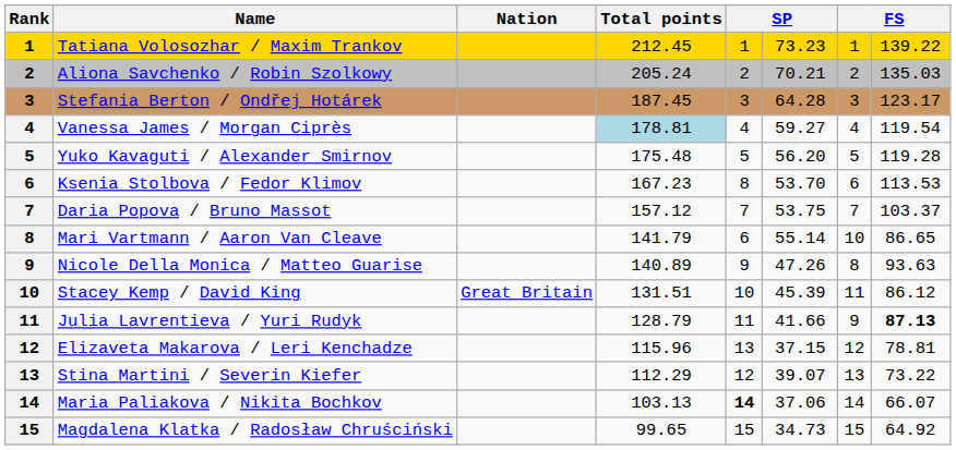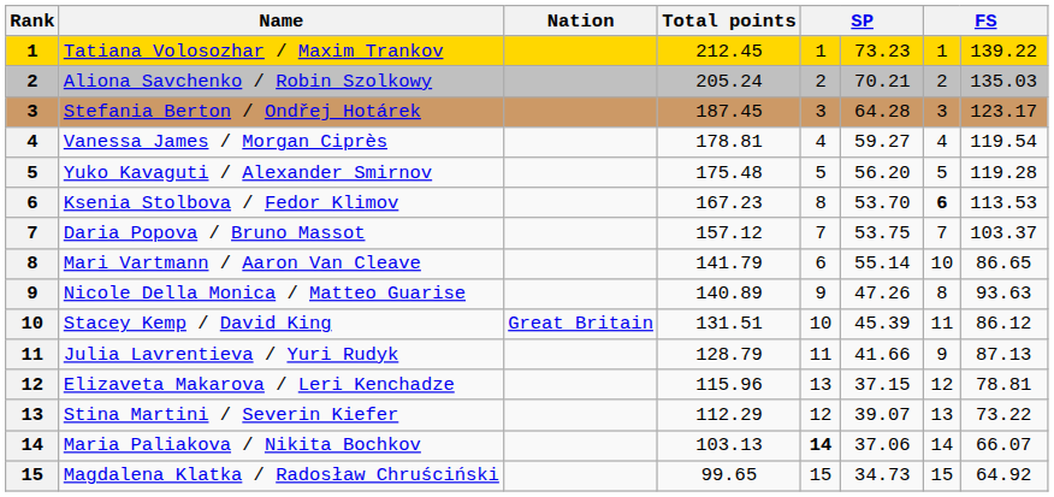 <table class="wikitable sortable">
 <tr>
 <th>Rank</th>
 <th>Name</th>
 <th>Nation</th>
 <th>Total points</th>
 <th colspan="2" width="80px"><a href='#'>SP</a></th>
 <th colspan="2" width="80px"><a href='#'>FS</a></th>
 </tr>
 <tr bgcolor="gold">
 <td align="center"><strong>1</strong></td>
 <td><a href='#'>Tatiana Volosozhar</a> / <a href='#'>Maxim Trankov</a></td>
 <td></td>
 <td align="center">212.45</td>
 <td align="center">1</td>
 <td align="center">73.23</td>
 <td align="center">1</td>
 <td align="center">139.22</td>
 </tr>
 <tr bgcolor="silver">
 <td align="center"><strong>2</strong></td>
 <td><a href='#'>Aliona Savchenko</a> / <a href='#'>Robin Szolkowy</a></td>
 <td></td>
 <td align="center">205.24</td>
 <td align="center">2</td>
 <td align="center">70.21</td>
 <td align="center">2</td>
 <td align="center">135.03</td>
 </tr>
 <tr bgcolor="cc9966">
 <td align="center"><strong>3</strong></td>
 <td><a href='#'>Stefania Berton</a> / <a href='#'>Ondřej Hotárek</a></td>
 <td></td>
 <td align="center">187.45</td>
 <td align="center">3</td>
 <td align="center">64.28</td>
 <td align="center">3</td>
 <td align="center">123.17</td>
 </tr>
 <tr>
 <th>4</th>
 <td><a href='#'>Vanessa James</a> / <a href='#'>Morgan Ciprès</a></td>
 <td></td>
-<td align="center" style="background: lightblue;">178.81</td>
+<td align="center">178.81</td>
 <td align="center">4</td>
 <td align="center">59.27</td>
 <td align="center">4</td>
 <td align="center">119.54</td>
 </tr>
 <tr>
 <th>5</th>
 <td><a href='#'>Yuko Kavaguti</a> / <a href='#'>Alexander Smirnov</a></td>
 <td></td>
 <td align="center">175.48</td>
 <td align="center">5</td>
 <td align="center">56.20</td>
 <td align="center">5</td>
 <td align="center">119.28</td>
 </tr>
 <tr>
 <th>6</th>
 <td><a href='#'>Ksenia Stolbova</a> / <a href='#'>Fedor Klimov</a></td>
 <td></td>
 <td align="center">167.23</td>
 <td align="center">8</td>
 <td align="center">53.70</td>
-<td align="center">6</td>
+<td align="center"><strong>6</strong></td>
 <td align="center">113.53</td>
 </tr>
 <tr>
 <th>7</th>
 <td><a href='#'>Daria Popova</a> / <a href='#'>Bruno Massot</a></td>
 <td></td>
 <td align="center">157.12</td>
 <td align="center">7</td>
 <td align="center">53.75</td>
 <td align="center">7</td>
 <td align="center">103.37</td>
 </tr>
 <tr>
 <th>8</th>
 <td><a href='#'>Mari Vartmann</a> / <a href='#'>Aaron Van Cleave</a></td>
 <td></td>
 <td align="center">141.79</td>
 <td align="center">6</td>
 <td align="center">55.14</td>
 <td align="center">10</td>
 <td align="center">86.65</td>
 </tr>
 <tr>
 <th>9</th>
 <td><a href='#'>Nicole Della Monica</a> / <a href='#'>Matteo Guarise</a></td>
 <td></td>
 <td align="center">140.89</td>
 <td align="center">9</td>
 <td align="center">47.26</td>
 <td align="center">8</td>
 <td align="center">93.63</td>
 </tr>
 <tr>
 <th>10</th>
 <td><a href='#'>Stacey Kemp</a> / <a href='#'>David King</a></td>
 <td> <a href='#'>Great Britain</a></td>
 <td align="center">131.51</td>
 <td align="center">10</td>
 <td align="center">45.39</td>
 <td align="center">11</td>
 <td align="center">86.12</td>
 </tr>
 <tr>
 <th>11</th>
 <td><a href='#'>Julia Lavrentieva</a> / <a href='#'>Yuri Rudyk</a></td>
 <td></td>
 <td align="center">128.79</td>
 <td align="center">11</td>
 <td align="center">41.66</td>
 <td align="center">9</td>
-<td align="center"><strong>87.13</strong></td>
+<td align="center">87.13</td>
 </tr>
 <tr>
 <th>12</th>
 <td><a href='#'>Elizaveta Makarova</a> / <a href='#'>Leri Kenchadze</a></td>
 <td></td>
 <td align="center">115.96</td>
 <td align="center">13</td>
 <td align="center">37.15</td>
 <td align="center">12</td>
 <td align="center">78.81</td>
 </tr>
 <tr>
 <th>13</th>
 <td><a href='#'>Stina Martini</a> / <a href='#'>Severin Kiefer</a></td>
 <td></td>
 <td align="center">112.29</td>
 <td align="center">12</td>
 <td align="center">39.07</td>
 <td align="center">13</td>
 <td align="center">73.22</td>
 </tr>
 <tr>
 <th>14</th>
 <td><a href='#'>Maria Paliakova</a> / <a href='#'>Nikita Bochkov</a></td>
 <td></td>
 <td align="center">103.13</td>
 <td align="center"><strong>14</strong></td>
 <td align="center">37.06</td>
 <td align="center">14</td>
 <td align="center">66.07</td>
 </tr>
 <tr>
 <th>15</th>
 <td><a href='#'>Magdalena Klatka</a> / <a href='#'>Radosław Chruściński</a></td>
 <td></td>
 <td align="center">99.65</td>
 <td align="center">15</td>
 <td align="center">34.73</td>
 <td align="center">15</td>
 <td align="center">64.92</td>
 </tr>
 </table>
